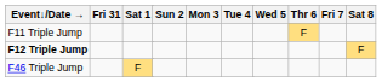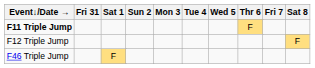 <table class="wikitable" style="margin:0.5em auto; font-size:90%; line-height:1.25em;">
 <tr align="center">
 <th>Event↓/Date →</th>
 <th colspan=2>Fri 31</th>
 <th colspan=2>Sat 1</th>
 <th colspan=2>Sun 2</th>
 <th colspan=2>Mon 3</th>
 <th colspan=2>Tue 4</th>
 <th colspan=2>Wed 5</th>
 <th colspan=2>Thr 6</th>
 <th colspan=2>Fri 7</th>
 <th colspan=2>Sat 8</th>
 </tr>
 <tr align="center">
-<td align="left">F11 Triple Jump</td>
+<td align="left"><strong>F11 Triple Jump</strong></td>
 <td colspan=2></td>
 <td colspan=2></td>
 <td colspan=2></td>
 <td colspan=2></td>
 <td colspan=2></td>
 <td colspan=2></td>
 <td colspan=2 bgcolor="#FFDF80">F</td>
 <td colspan=2></td>
 <td></td>
 </tr>
 <tr align="center">
-<td align="left"><strong>F12 Triple Jump</strong></td>
+<td align="left">F12 Triple Jump</td>
 <td colspan=2></td>
 <td colspan=2></td>
 <td colspan=2></td>
 <td colspan=2></td>
 <td colspan=2></td>
 <td colspan=2></td>
 <td colspan=2></td>
 <td colspan=2></td>
 <td colspan=2 bgcolor="#FFDF80">F</td>
 </tr>
 <tr align="center">
 <td align="left"><a href='#'>F46</a> Triple Jump</td>
 <td colspan=2></td>
 <td colspan=2 bgcolor="#FFDF80">F</td>
 <td colspan=2></td>
 <td colspan=2></td>
 <td colspan=2></td>
 <td colspan=2></td>
 <td colspan=2></td>
 <td colspan=2></td>
 <td></td>
 </tr>
 </table>
